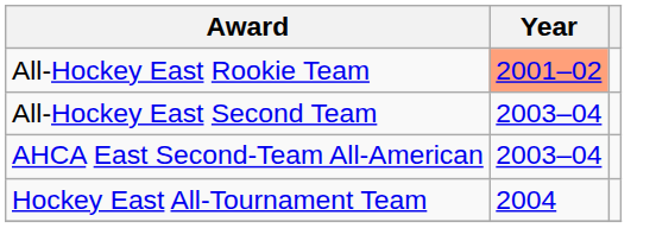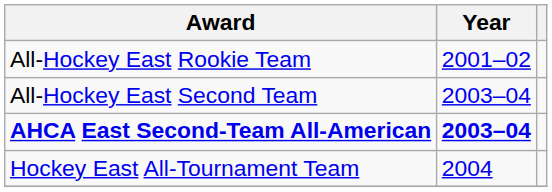 <table class="wikitable">
 <tr>
 <th>Award</th>
 <th>Year</th>
 <th></th>
 </tr>
 <tr>
 <td>All-<a href='#'>Hockey East</a> <a href='#'>Rookie Team</a></td>
-<td style="background: lightsalmon;"><a href='#'>2001–02</a></td>
+<td><a href='#'>2001–02</a></td>
 <td></td>
 </tr>
 <tr>
 <td>All-<a href='#'>Hockey East</a> <a href='#'>Second Team</a></td>
 <td><a href='#'>2003–04</a></td>
 <td></td>
 </tr>
 <tr>
-<td><a href='#'>AHCA</a> <a href='#'>East Second-Team All-American</a></td>
-<td><a href='#'>2003–04</a></td>
+<td><strong><a href='#'>AHCA</a> <a href='#'>East Second-Team All-American</a></strong></td>
+<td><strong><a href='#'>2003–04</a></strong></td>
 <td></td>
 </tr>
 <tr>
 <td><a href='#'>Hockey East</a> <a href='#'>All-Tournament Team</a></td>
 <td><a href='#'>2004</a></td>
 <td></td>
 </tr>
 <tr>
 </tr>
 </table>
